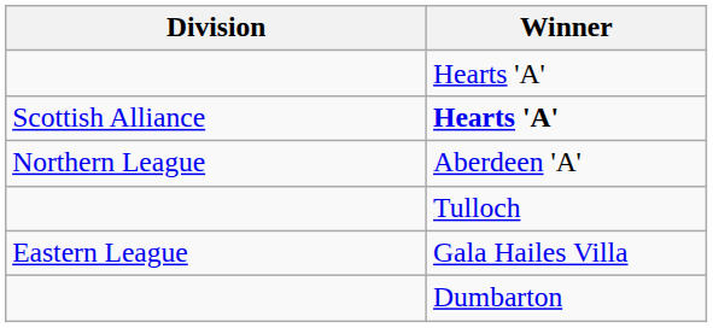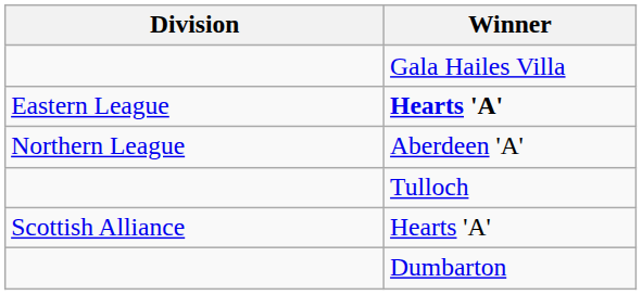 <table class="wikitable">
 <tr>
 <th width=230>Division</th>
 <th width=150>Winner</th>
 </tr>
 <tr>
 <td></td>
-<td><a href='#'>Hearts</a> 'A'</td>
+<td><a href='#'>Gala Hailes Villa</a></td>
 </tr>
 <tr>
-<td><a href='#'>Scottish Alliance</a></td>
+<td><a href='#'>Eastern League</a></td>
 <td><strong><a href='#'>Hearts</a> 'A'</strong></td>
 </tr>
 <tr>
 <td><a href='#'>Northern League</a></td>
 <td><a href='#'>Aberdeen</a> 'A'</td>
 </tr>
 <tr>
 <td></td>
 <td><a href='#'>Tulloch</a></td>
 </tr>
 <tr>
-<td><a href='#'>Eastern League</a></td>
-<td><a href='#'>Gala Hailes Villa</a></td>
+<td><a href='#'>Scottish Alliance</a></td>
+<td><a href='#'>Hearts</a> 'A'</td>
 </tr>
 <tr>
 <td></td>
 <td><a href='#'>Dumbarton</a></td>
 </tr>
 </table>
